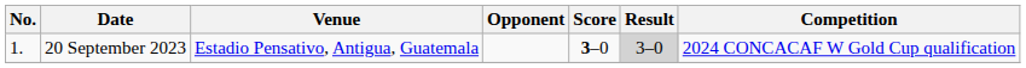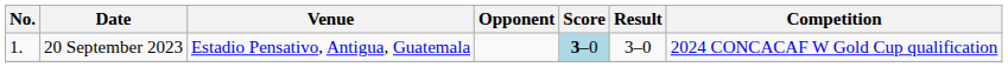 <table class="wikitable">
 <tr>
 <th>No.</th>
 <th>Date</th>
 <th>Venue</th>
 <th>Opponent</th>
 <th>Score</th>
 <th>Result</th>
 <th>Competition</th>
 </tr>
 <tr>
 <td>1.</td>
 <td>20 September 2023</td>
 <td><a href='#'>Estadio Pensativo</a>, <a href='#'>Antigua</a>, <a href='#'>Guatemala</a></td>
 <td></td>
-<td align=center><strong>3</strong>–0</td>
-<td align=center style="background: lightgrey;">3–0</td>
+<td align=center style="background: lightblue;"><strong>3</strong>–0</td>
+<td align=center>3–0</td>
 <td><a href='#'>2024 CONCACAF W Gold Cup qualification</a></td>
 </tr>
 <tr>
 </tr>
 </table>
